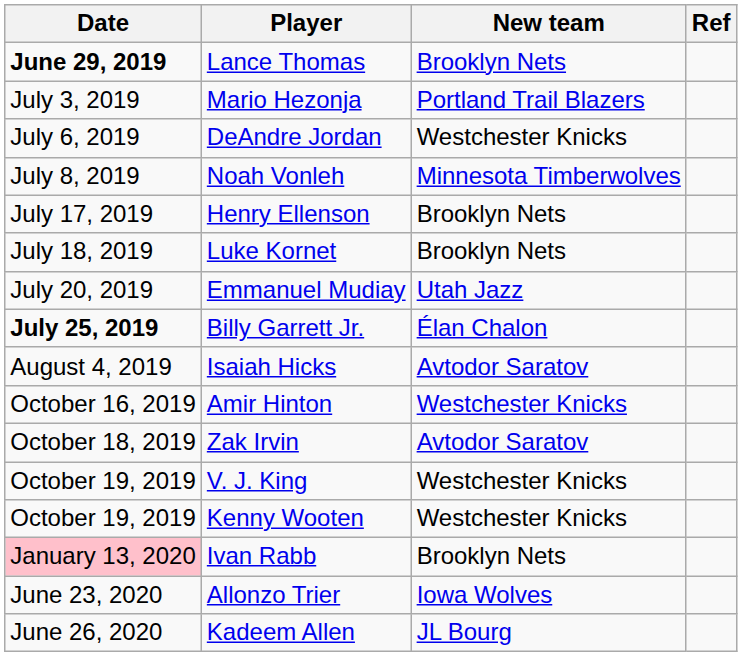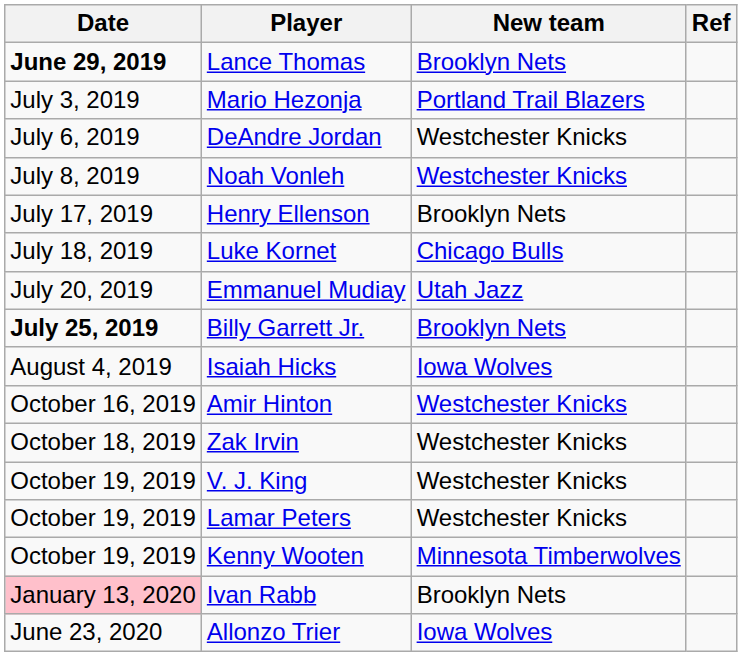 <table class="wikitable" style="text-align:left;">
 <tr>
 <th>Date</th>
 <th>Player</th>
 <th>New team</th>
 <th>Ref</th>
 </tr>
 <tr>
 <td><strong>June 29, 2019</strong></td>
 <td><a href='#'>Lance Thomas</a></td>
 <td><a href='#'>Brooklyn Nets</a></td>
 <td></td>
 </tr>
 <tr>
 <td>July 3, 2019</td>
 <td><a href='#'>Mario Hezonja</a></td>
 <td><a href='#'>Portland Trail Blazers</a></td>
 <td></td>
 </tr>
 <tr>
 <td>July 6, 2019</td>
 <td><a href='#'>DeAndre Jordan</a></td>
 <td>Westchester Knicks</td>
 <td></td>
 </tr>
 <tr>
 <td>July 8, 2019</td>
 <td><a href='#'>Noah Vonleh</a></td>
-<td><a href='#'>Minnesota Timberwolves</a></td>
+<td><a href='#'>Westchester Knicks</a></td>
 <td></td>
 </tr>
 <tr>
 <td>July 17, 2019</td>
 <td><a href='#'>Henry Ellenson</a></td>
 <td>Brooklyn Nets</td>
 <td></td>
 </tr>
 <tr>
 <td>July 18, 2019</td>
 <td><a href='#'>Luke Kornet</a></td>
-<td>Brooklyn Nets</td>
+<td><a href='#'>Chicago Bulls</a></td>
 <td></td>
 </tr>
 <tr>
 <td>July 20, 2019</td>
 <td><a href='#'>Emmanuel Mudiay</a></td>
 <td><a href='#'>Utah Jazz</a></td>
 <td></td>
 </tr>
 <tr>
 <td><strong>July 25, 2019</strong></td>
 <td><a href='#'>Billy Garrett Jr.</a></td>
-<td><a href='#'>Élan Chalon</a></td>
+<td><a href='#'>Brooklyn Nets</a></td>
 <td></td>
 </tr>
 <tr>
 <td>August 4, 2019</td>
 <td><a href='#'>Isaiah Hicks</a></td>
-<td><a href='#'>Avtodor Saratov</a></td>
+<td><a href='#'>Iowa Wolves</a></td>
 <td></td>
 </tr>
 <tr>
 <td>October 16, 2019</td>
 <td><a href='#'>Amir Hinton</a></td>
 <td><a href='#'>Westchester Knicks</a></td>
 <td></td>
 </tr>
 <tr>
 <td>October 18, 2019</td>
 <td><a href='#'>Zak Irvin</a></td>
-<td><a href='#'>Avtodor Saratov</a></td>
+<td>Westchester Knicks</td>
 <td></td>
 </tr>
 <tr>
 <td>October 19, 2019</td>
 <td><a href='#'>V. J. King</a></td>
 <td>Westchester Knicks</td>
 <td></td>
 </tr>
 <tr>
 <td>October 19, 2019</td>
+<td><a href='#'>Lamar Peters</a></td>
+<td>Westchester Knicks</td>
+<td></td>
+</tr>
+<tr>
+<td>October 19, 2019</td>
 <td><a href='#'>Kenny Wooten</a></td>
-<td>Westchester Knicks</td>
+<td><a href='#'>Minnesota Timberwolves</a></td>
 <td></td>
 </tr>
 <tr>
 <td style="background: pink;">January 13, 2020</td>
 <td><a href='#'>Ivan Rabb</a></td>
 <td>Brooklyn Nets</td>
 <td></td>
 </tr>
 <tr>
 <td>June 23, 2020</td>
 <td><a href='#'>Allonzo Trier</a></td>
 <td><a href='#'>Iowa Wolves</a></td>
 <td></td>
 </tr>
-<tr>
-<td>June 26, 2020</td>
-<td><a href='#'>Kadeem Allen</a></td>
-<td><a href='#'>JL Bourg</a></td>
-<td></td>
-</tr>
 </table>
